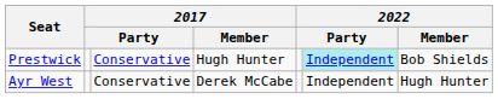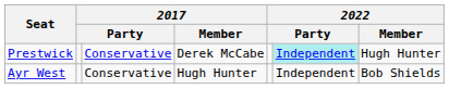 <table class="wikitable">
 <tr>
 <th scope="col" rowspan="2" style="text-align:center">Seat</th>
 <th scope="col" colspan="3" style="text-align:center"><em>2017</em></th>
 <th scope="col" colspan="3" style="text-align:center"><em>2022</em></th>
 </tr>
 <tr>
 <th colspan="2" style="text-align:center">Party</th>
 <th style="text-align:center">Member</th>
 <th colspan="2" style="text-align:center">Party</th>
 <th style="text-align:center">Member</th>
 </tr>
 <tr>
 <td scope="row"><a href='#'>Prestwick</a></td>
 <td></td>
 <td><a href='#'>Conservative</a></td>
-<td>Hugh Hunter</td>
+<td>Derek McCabe</td>
 <td></td>
 <td style="background: paleturquoise;"><a href='#'>Independent</a></td>
-<td>Bob Shields</td>
+<td>Hugh Hunter</td>
 </tr>
 <tr>
 <td scope="row"><a href='#'>Ayr West</a></td>
 <td></td>
 <td>Conservative</td>
-<td>Derek McCabe</td>
+<td>Hugh Hunter</td>
 <td></td>
 <td>Independent</td>
-<td>Hugh Hunter</td>
+<td>Bob Shields</td>
 </tr>
 </table>
